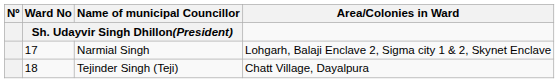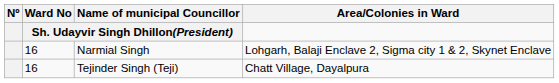 <table class="wikitable">
 <tr>
 <th>Nº</th>
 <th>Ward No</th>
 <th>Name of municipal Councillor</th>
 <th>Area/Colonies in Ward</th>
 </tr>
 <tr>
 <th style="background-color:"></th>
 <th colspan="2">Sh. Udayvir Singh Dhillon<em>(President)</em></th>
 </tr>
 <tr>
 <th style="background-color:"></th>
-<td>17</td>
+<td>16</td>
 <td>Narmial Singh</td>
 <td>Lohgarh, Balaji Enclave 2, Sigma city 1 & 2, Skynet Enclave</td>
 </tr>
 <tr>
 <th style="background-color:"></th>
-<td>18</td>
+<td>16</td>
 <td>Tejinder Singh (Teji)</td>
 <td>Chatt Village, Dayalpura</td>
 </tr>
 </table>
